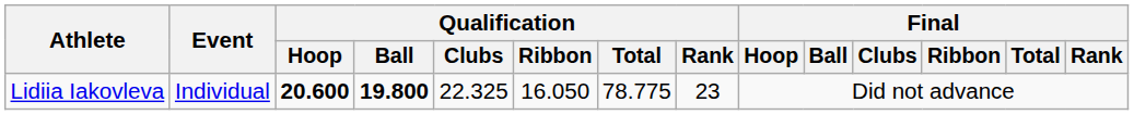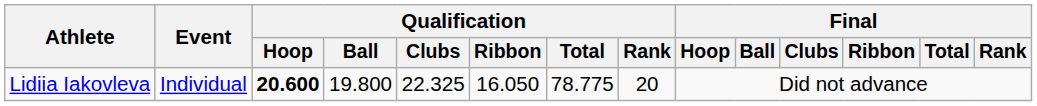 <table class=wikitable style=font-size:90%>
 <tr>
 <th rowspan=2>Athlete</th>
 <th rowspan=2>Event</th>
 <th colspan=6>Qualification</th>
 <th colspan=6>Final</th>
 </tr>
 <tr style=font-size:95%>
 <th>Hoop</th>
 <th>Ball</th>
 <th>Clubs</th>
 <th>Ribbon</th>
 <th>Total</th>
 <th>Rank</th>
 <th>Hoop</th>
 <th>Ball</th>
 <th>Clubs</th>
 <th>Ribbon</th>
 <th>Total</th>
 <th>Rank</th>
 </tr>
 <tr align=center>
 <td align=left><a href='#'>Lidiia Iakovleva</a></td>
 <td align=left><a href='#'>Individual</a></td>
 <td><strong>20.600</strong></td>
-<td><strong>19.800</strong></td>
+<td>19.800</td>
 <td>22.325</td>
 <td>16.050</td>
 <td>78.775</td>
-<td>23</td>
+<td>20</td>
 <td colspan="6">Did not advance</td>
 </tr>
 </table>
